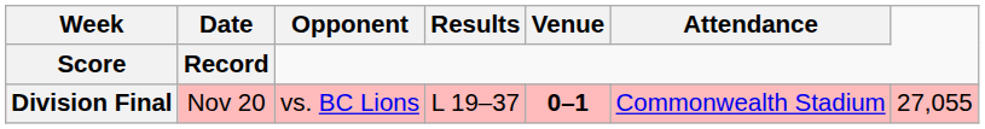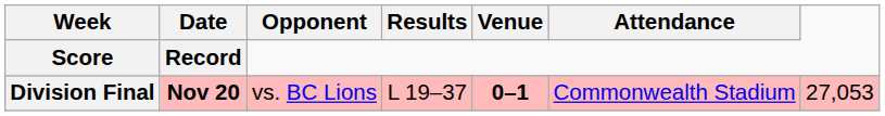 <table class="wikitable" style="text-align:center">
 <tr>
 <th>Week</th>
 <th>Date</th>
 <th>Opponent</th>
 <th>Results</th>
 <th>Venue</th>
 <th>Attendance</th>
 </tr>
 <tr>
 <th>Score</th>
 <th>Record</th>
 </tr>
 <tr style="background:#ffbbbb">
 <th>Division Final</th>
-<td>Nov 20</td>
+<td><strong>Nov 20</strong></td>
 <td>vs. <a href='#'>BC Lions</a></td>
 <td>L 19–37</td>
 <td><strong>0–1</strong></td>
 <td><a href='#'>Commonwealth Stadium</a></td>
-<td>27,055</td>
+<td>27,053</td>
 </tr>
 </table>
